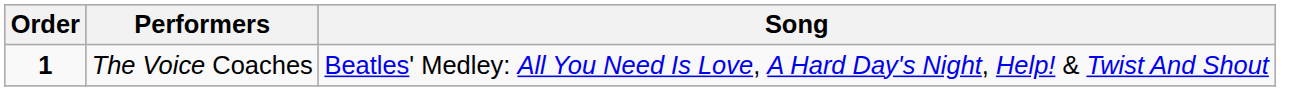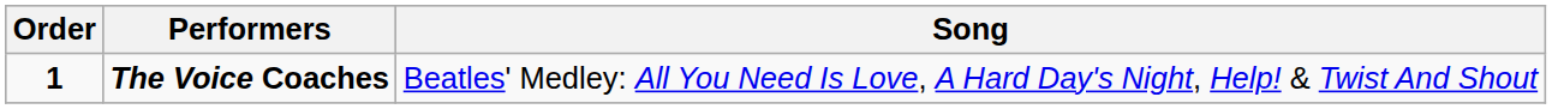 <table class="wikitable sortable" style="text-align: center; width: auto;">
 <tr>
 <th>Order</th>
 <th>Performers</th>
 <th>Song</th>
 </tr>
 <tr>
 <td><strong>1</strong></td>
-<td><em>The Voice</em> Coaches <br></td>
+<td><strong><em>The Voice</em> Coaches <br></strong></td>
 <td><a href='#'>Beatles</a>' Medley: <em><a href='#'>All You Need Is Love</a></em>, <em><a href='#'>A Hard Day's Night</a></em>, <em><a href='#'>Help!</a></em> & <em><a href='#'>Twist And Shout</a></em></td>
 </tr>
 </table>
